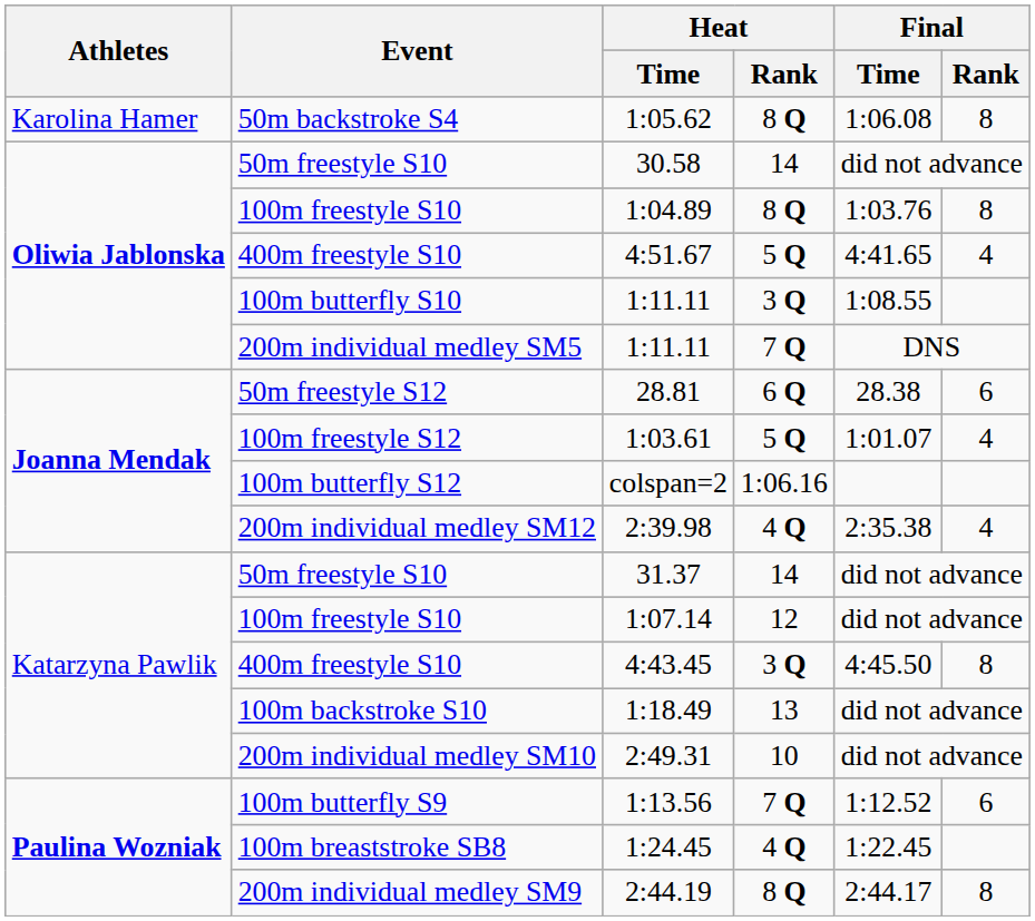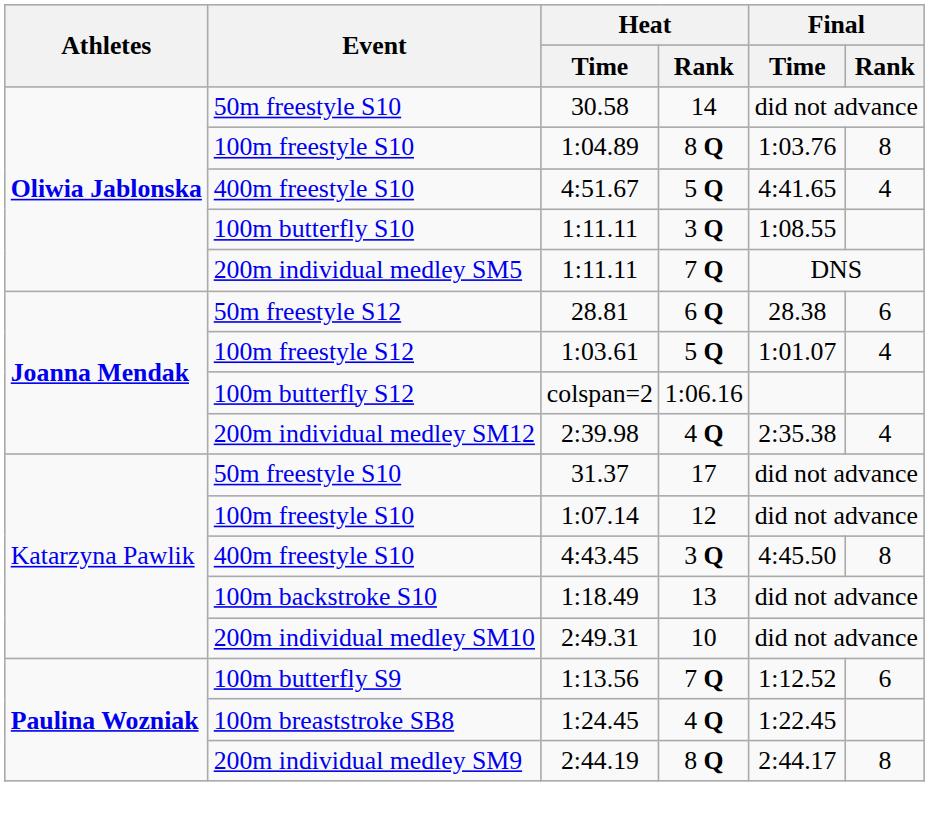 <table class=wikitable>
 <tr>
 <th rowspan="2">Athletes</th>
 <th rowspan="2">Event</th>
 <th colspan="2">Heat</th>
 <th colspan="2">Final</th>
 </tr>
 <tr>
 <th>Time</th>
 <th>Rank</th>
 <th>Time</th>
 <th>Rank</th>
-</tr>
-<tr align=center>
-<td align=left><a href='#'>Karolina Hamer</a></td>
-<td align=left><a href='#'>50m backstroke S4</a></td>
-<td>1:05.62</td>
-<td>8 <strong>Q</strong></td>
-<td>1:06.08</td>
-<td>8</td>
 </tr>
 <tr align=center>
 <td align=left rowspan=5><strong><a href='#'>Oliwia Jablonska</a></strong></td>
 <td align=left><a href='#'>50m freestyle S10</a></td>
 <td>30.58</td>
 <td>14</td>
 <td colspan=2>did not advance</td>
 </tr>
 <tr align=center>
 <td align=left><a href='#'>100m freestyle S10</a></td>
 <td>1:04.89</td>
 <td>8 <strong>Q</strong></td>
 <td>1:03.76</td>
 <td>8</td>
 </tr>
 <tr align=center>
 <td align=left><a href='#'>400m freestyle S10</a></td>
 <td>4:51.67</td>
 <td>5 <strong>Q</strong></td>
 <td>4:41.65</td>
 <td>4</td>
 </tr>
 <tr align=center>
 <td align=left><a href='#'>100m butterfly S10</a></td>
 <td>1:11.11</td>
 <td>3 <strong>Q</strong></td>
 <td>1:08.55 <strong></strong></td>
 <td></td>
 </tr>
 <tr align=center>
 <td align=left><a href='#'>200m individual medley SM5</a></td>
 <td>1:11.11</td>
 <td>7 <strong>Q</strong></td>
 <td colspan=2>DNS</td>
 </tr>
 <tr align=center>
 <td align=left rowspan=4><strong><a href='#'>Joanna Mendak</a></strong></td>
 <td align=left><a href='#'>50m freestyle S12</a></td>
 <td>28.81</td>
 <td>6 <strong>Q</strong></td>
 <td>28.38</td>
 <td>6</td>
 </tr>
 <tr align=center>
 <td align=left><a href='#'>100m freestyle S12</a></td>
 <td>1:03.61</td>
 <td>5 <strong>Q</strong></td>
 <td>1:01.07</td>
 <td>4</td>
 </tr>
 <tr align=center>
 <td align=left><a href='#'>100m butterfly S12</a></td>
 <td>colspan=2 </td>
 <td>1:06.16</td>
 <td></td>
 </tr>
 <tr align=center>
 <td align=left><a href='#'>200m individual medley SM12</a></td>
 <td>2:39.98</td>
 <td>4 <strong>Q</strong></td>
 <td>2:35.38</td>
 <td>4</td>
 </tr>
 <tr align=center>
 <td align=left rowspan=5><a href='#'>Katarzyna Pawlik</a></td>
 <td align=left><a href='#'>50m freestyle S10</a></td>
 <td>31.37</td>
-<td>14</td>
+<td>17</td>
 <td colspan=2>did not advance</td>
 </tr>
 <tr align=center>
 <td align=left><a href='#'>100m freestyle S10</a></td>
 <td>1:07.14</td>
 <td>12</td>
 <td colspan=2>did not advance</td>
 </tr>
 <tr align=center>
 <td align=left><a href='#'>400m freestyle S10</a></td>
 <td>4:43.45</td>
 <td>3 <strong>Q</strong></td>
 <td>4:45.50</td>
 <td>8</td>
 </tr>
 <tr align=center>
 <td align=left><a href='#'>100m backstroke S10</a></td>
 <td>1:18.49</td>
 <td>13</td>
 <td colspan=2>did not advance</td>
 </tr>
 <tr align=center>
 <td align=left><a href='#'>200m individual medley SM10</a></td>
 <td>2:49.31</td>
 <td>10</td>
 <td colspan=2>did not advance</td>
 </tr>
 <tr align=center>
 <td align=left rowspan=3><strong><a href='#'>Paulina Wozniak</a></strong></td>
 <td align=left><a href='#'>100m butterfly S9</a></td>
 <td>1:13.56</td>
 <td>7 <strong>Q</strong></td>
 <td>1:12.52</td>
 <td>6</td>
 </tr>
 <tr align=center>
 <td align=left><a href='#'>100m breaststroke SB8</a></td>
 <td>1:24.45</td>
 <td>4 <strong>Q</strong></td>
 <td>1:22.45</td>
 <td></td>
 </tr>
 <tr align=center>
 <td align=left><a href='#'>200m individual medley SM9</a></td>
 <td>2:44.19</td>
 <td>8 <strong>Q</strong></td>
 <td>2:44.17</td>
 <td>8</td>
 </tr>
 </table>
